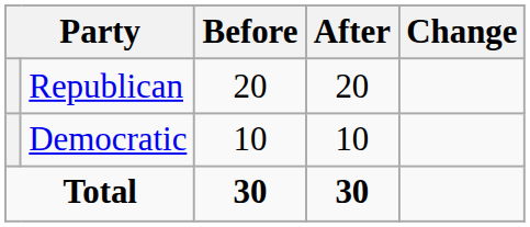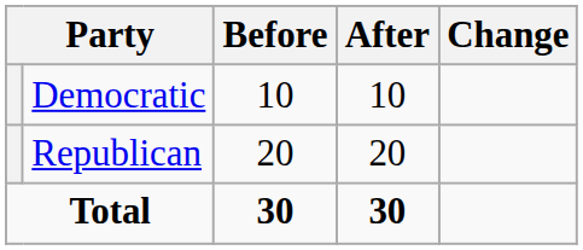 <table class="wikitable" style="text-align:center;">
 <tr>
 <th colspan="2">Party</th>
 <th>Before</th>
 <th>After</th>
 <th>Change</th>
 </tr>
 <tr>
 <th style="background-color:"></th>
-<td style="text-align:left;"><a href='#'>Republican</a></td>
-<td>20</td>
-<td>20</td>
+<td style="text-align:left;"><a href='#'>Democratic</a></td>
+<td>10</td>
+<td>10</td>
 <td></td>
 </tr>
 <tr>
 <th style="background-color:"></th>
-<td style="text-align:left;"><a href='#'>Democratic</a></td>
-<td>10</td>
-<td>10</td>
+<td style="text-align:left;"><a href='#'>Republican</a></td>
+<td>20</td>
+<td>20</td>
 <td></td>
 </tr>
 <tr>
 <td colspan="2"><strong>Total</strong></td>
 <td><strong>30</strong></td>
 <td><strong>30</strong></td>
 <td></td>
 </tr>
 </table>
